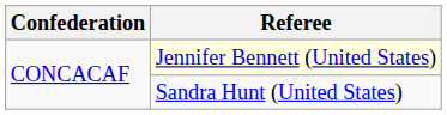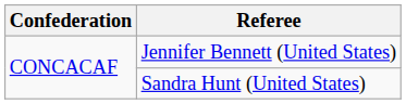 <table class="wikitable">
 <tr>
 <th>Confederation</th>
 <th>Referee</th>
 </tr>
 <tr>
 <td rowspan="2"><a href='#'>CONCACAF</a></td>
-<td style="background: lightyellow;"><a href='#'>Jennifer Bennett</a> (<a href='#'>United States</a>)</td>
+<td><a href='#'>Jennifer Bennett</a> (<a href='#'>United States</a>)</td>
 </tr>
 <tr>
 <td><a href='#'>Sandra Hunt</a> (<a href='#'>United States</a>)</td>
 </tr>
 </table>
